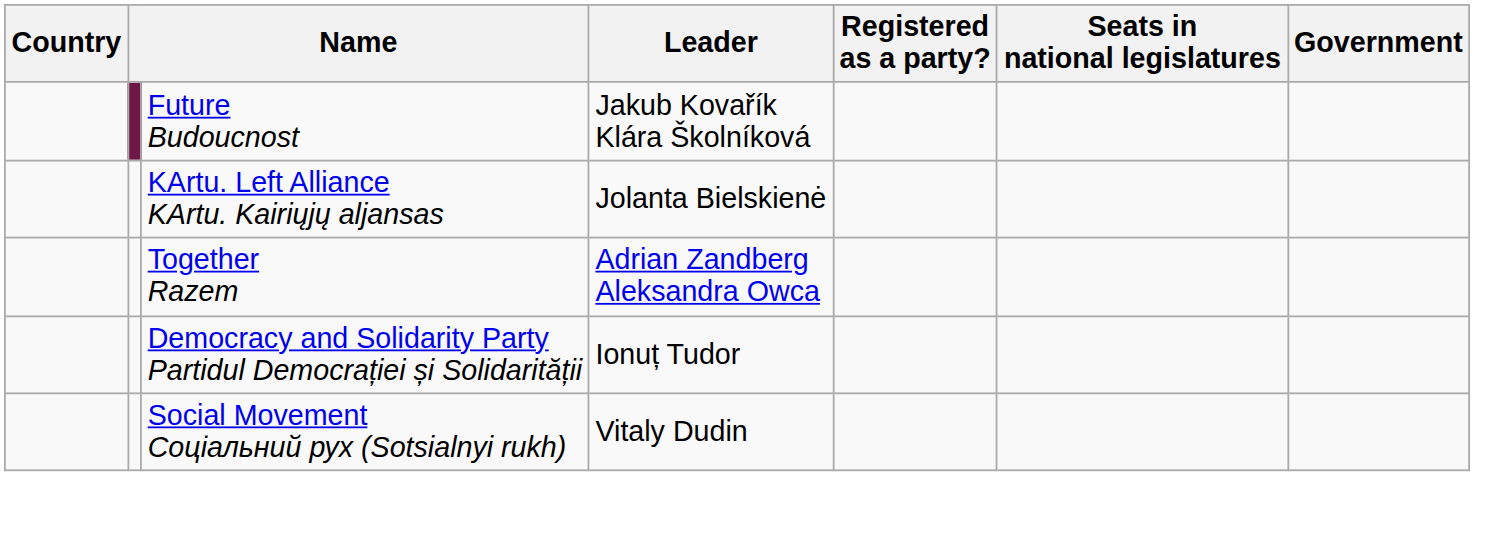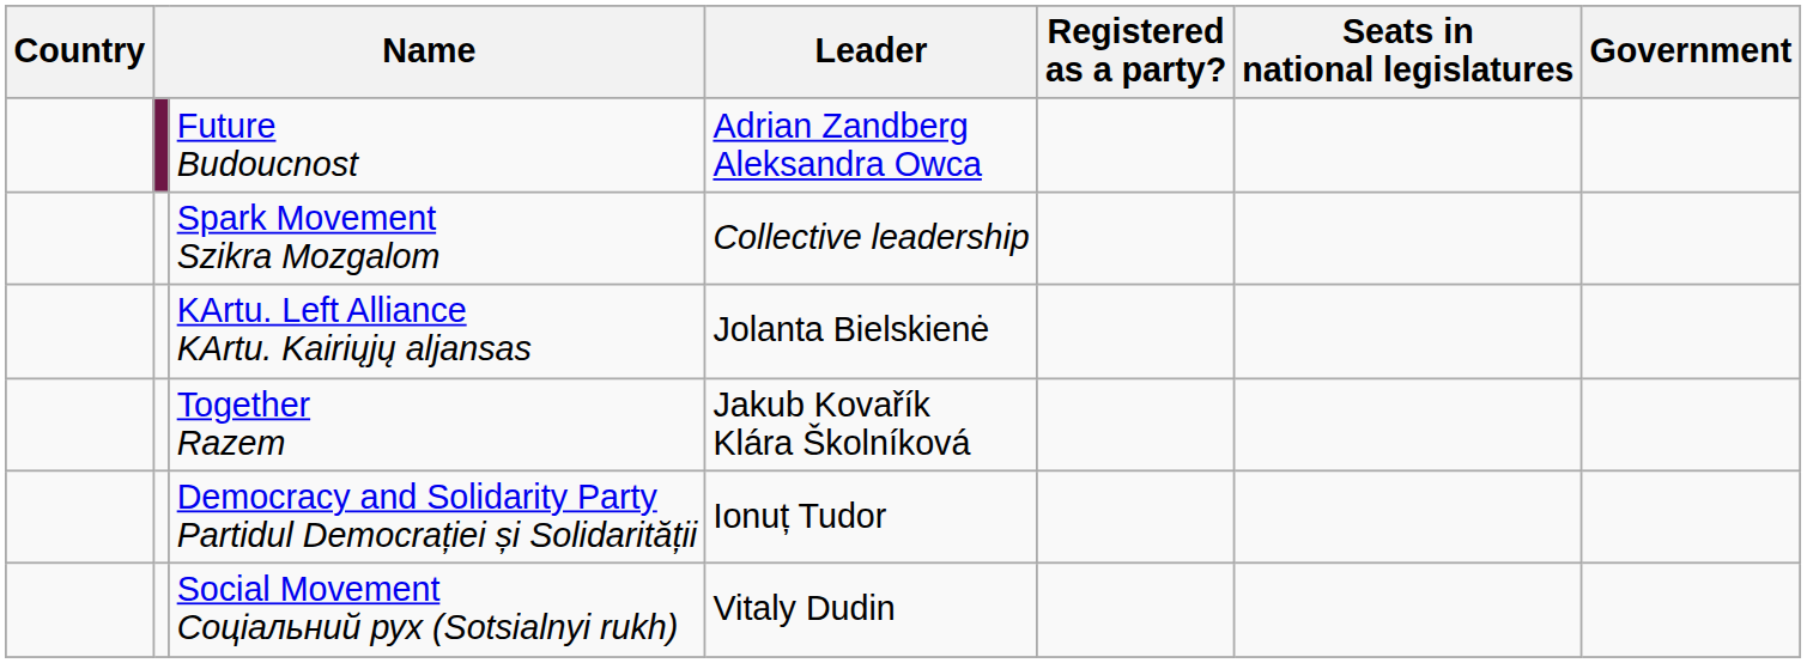 <table class="wikitable sortable">
 <tr>
 <th>Country</th>
 <th colspan="2">Name</th>
 <th>Leader</th>
 <th>Registered<br>as a party?</th>
 <th>Seats in<br>national legislatures</th>
 <th>Government</th>
 </tr>
 <tr>
 <td></td>
 <td style="background-color:#6E1646"></td>
 <td><a href='#'>Future</a><br><em>Budoucnost</em></td>
-<td>Jakub Kovařík<br>Klára Školníková</td>
+<td><a href='#'>Adrian Zandberg</a><br><a href='#'>Aleksandra Owca</a></td>
 <td></td>
 <td align="left"></td>
+<td></td>
+</tr>
+<tr>
+<td></td>
+<td style="background-color:"></td>
+<td><a href='#'>Spark Movement</a><br><em>Szikra Mozgalom</em></td>
+<td><em>Collective leadership</em></td>
+<td></td>
+<td></td>
 <td></td>
 </tr>
 <tr>
 <td></td>
 <td style="background-color:"></td>
 <td><a href='#'>KArtu. Left Alliance</a><br><em>KArtu. Kairiųjų aljansas</em></td>
 <td>Jolanta Bielskienė</td>
 <td></td>
 <td></td>
 <td></td>
 </tr>
 <tr>
 <td></td>
 <td style="background-color:"></td>
 <td><a href='#'>Together</a><br><em>Razem</em></td>
-<td><a href='#'>Adrian Zandberg</a><br><a href='#'>Aleksandra Owca</a></td>
+<td>Jakub Kovařík<br>Klára Školníková</td>
 <td></td>
 <td></td>
 <td></td>
 </tr>
 <tr>
 <td></td>
 <td style="background-color:"></td>
 <td><a href='#'>Democracy and Solidarity Party</a><br><em>Partidul Democrației și Solidarității</em></td>
 <td>Ionuț Tudor</td>
 <td></td>
 <td></td>
 <td></td>
 </tr>
 <tr>
 <td></td>
 <td style="background-color:"></td>
 <td><a href='#'>Social Movement</a><br><em>Соціальний рух (Sotsialnyi rukh)</em></td>
 <td>Vitaly Dudin</td>
 <td></td>
 <td></td>
 <td></td>
 </tr>
 </table>
